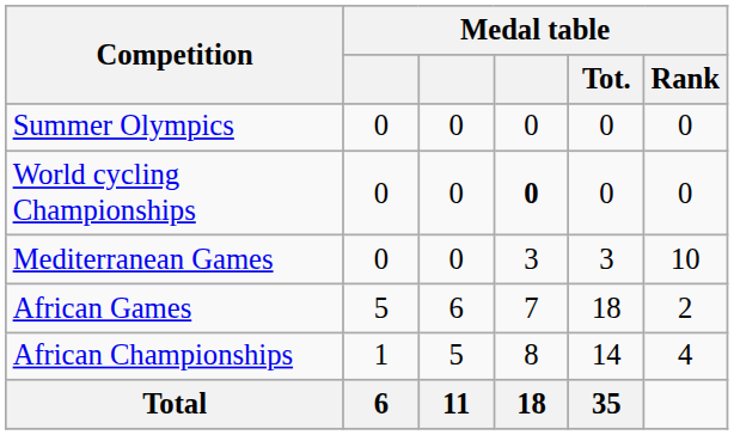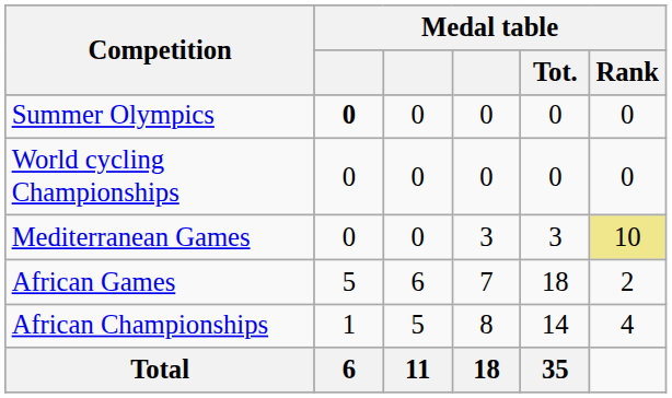 <table class="wikitable" width=40% style="font-size:90%; text-align:center;">
 <tr>
 <th rowspan=2>Competition</th>
 <th colspan=5>Medal table</th>
 </tr>
 <tr>
 <th width=30></th>
 <th width=30></th>
 <th width=30></th>
 <th width=30>Tot.</th>
 <th width=30>Rank</th>
 </tr>
 <tr>
 <td align=left><a href='#'>Summer Olympics</a></td>
-<td>0</td>
+<td><strong>0</strong></td>
 <td>0</td>
 <td>0</td>
 <td>0</td>
 <td>0</td>
 </tr>
 <tr>
 <td align=left><a href='#'>World cycling Championships</a></td>
 <td>0</td>
 <td>0</td>
-<td><strong>0</strong></td>
+<td>0</td>
 <td>0</td>
 <td>0</td>
 </tr>
 <tr>
 <td align=left><a href='#'>Mediterranean Games</a></td>
 <td>0</td>
 <td>0</td>
 <td>3</td>
 <td>3</td>
-<td>10</td>
+<td style="background: khaki;">10</td>
 </tr>
 <tr>
 <td align=left><a href='#'>African Games</a></td>
 <td>5</td>
 <td>6</td>
 <td>7</td>
 <td>18</td>
 <td>2</td>
 </tr>
 <tr>
 <td align=left><a href='#'>African Championships</a></td>
 <td>1</td>
 <td>5</td>
 <td>8</td>
 <td>14</td>
 <td>4</td>
 </tr>
 <tr>
 <th align=center>Total</th>
 <th>6</th>
 <th>11</th>
 <th>18</th>
 <th>35</th>
 </tr>
 </table>
